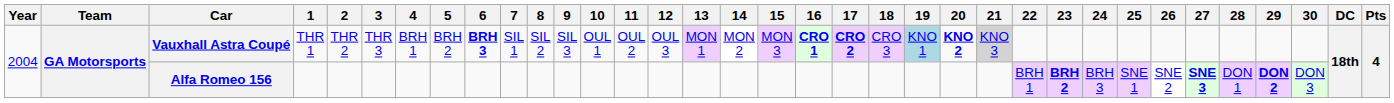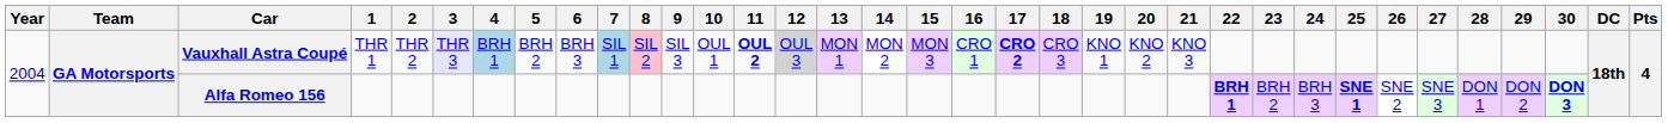 <table class="wikitable" style="text-align:center; font-size:85%">
 <tr>
 <th>Year</th>
 <th>Team</th>
 <th>Car</th>
 <th>1</th>
 <th>2</th>
 <th>3</th>
 <th>4</th>
 <th>5</th>
 <th>6</th>
 <th>7</th>
 <th>8</th>
 <th>9</th>
 <th>10</th>
 <th>11</th>
 <th>12</th>
 <th>13</th>
 <th>14</th>
 <th>15</th>
 <th>16</th>
 <th>17</th>
 <th>18</th>
 <th>19</th>
 <th>20</th>
 <th>21</th>
 <th>22</th>
 <th>23</th>
 <th>24</th>
 <th>25</th>
 <th>26</th>
 <th>27</th>
 <th>28</th>
 <th>29</th>
 <th>30</th>
 <th>DC</th>
 <th>Pts</th>
 </tr>
 <tr>
 <td rowspan=2><a href='#'>2004</a></td>
 <th rowspan=2 nowrap><a href='#'>GA Motorsports</a></th>
 <th nowrap><a href='#'>Vauxhall Astra Coupé</a></th>
 <td><a href='#'>THR<br>1</a></td>
 <td><a href='#'>THR<br>2</a></td>
-<td><a href='#'>THR<br>3</a></td>
-<td><a href='#'>BRH<br>1</a></td>
+<td style="background: lavender;"><a href='#'>THR<br>3</a></td>
+<td style="background: lightblue;"><a href='#'>BRH<br>1</a></td>
 <td><a href='#'>BRH<br>2</a></td>
-<td><strong><a href='#'>BRH<br>3</a></strong></td>
-<td><a href='#'>SIL<br>1</a></td>
-<td><a href='#'>SIL<br>2</a></td>
+<td><a href='#'>BRH<br>3</a></td>
+<td style="background: lightblue;"><a href='#'>SIL<br>1</a></td>
+<td style="background: pink;"><a href='#'>SIL<br>2</a></td>
 <td><a href='#'>SIL<br>3</a></td>
 <td><a href='#'>OUL<br>1</a></td>
-<td><a href='#'>OUL<br>2</a></td>
-<td><a href='#'>OUL<br>3</a></td>
+<td><strong><a href='#'>OUL<br>2</a></strong></td>
+<td style="background: lightgrey;"><a href='#'>OUL<br>3</a></td>
 <td style="background:#EFCFFF;"><a href='#'>MON<br>1</a><br></td>
 <td style="background:#FFFFFF;"><a href='#'>MON<br>2</a><br></td>
 <td style="background:#EFCFFF;"><a href='#'>MON<br>3</a><br></td>
-<td style="background:#DFFFDF;"><strong><a href='#'>CRO<br>1</a><br></strong></td>
+<td style="background:#DFFFDF;"><a href='#'>CRO<br>1</a><br></td>
 <td style="background:#EFCFFF;"><strong><a href='#'>CRO<br>2</a></strong><br></td>
 <td style="background:#EFCFFF;"><a href='#'>CRO<br>3</a><br></td>
-<td style="background: lightblue;"><a href='#'>KNO<br>1</a></td>
-<td><strong><a href='#'>KNO<br>2</a></strong></td>
-<td style="background: lightgrey;"><a href='#'>KNO<br>3</a></td>
+<td><a href='#'>KNO<br>1</a></td>
+<td><a href='#'>KNO<br>2</a></td>
+<td><a href='#'>KNO<br>3</a></td>
 <td></td>
 <td></td>
 <td></td>
 <td></td>
 <td></td>
 <td></td>
 <td></td>
 <td></td>
 <td></td>
 <th rowspan=2>18th</th>
 <th rowspan=2>4</th>
 </tr>
 <tr>
 <th nowrap><a href='#'>Alfa Romeo 156</a></th>
 <td></td>
 <td></td>
 <td></td>
 <td></td>
 <td></td>
 <td></td>
 <td></td>
 <td></td>
 <td></td>
 <td></td>
 <td></td>
 <td></td>
 <td></td>
 <td></td>
 <td></td>
 <td></td>
 <td></td>
 <td></td>
 <td></td>
 <td></td>
 <td></td>
-<td style="background:#EFCFFF;"><a href='#'>BRH<br>1</a><br></td>
-<td style="background:#EFCFFF;"><strong><a href='#'>BRH<br>2</a><br></strong></td>
+<td style="background:#EFCFFF;"><strong><a href='#'>BRH<br>1</a><br></strong></td>
+<td style="background:#EFCFFF;"><a href='#'>BRH<br>2</a><br></td>
 <td style="background:#EFCFFF;"><a href='#'>BRH<br>3</a><br></td>
-<td style="background:#EFCFFF;"><a href='#'>SNE<br>1</a><br></td>
+<td style="background:#EFCFFF;"><strong><a href='#'>SNE<br>1</a><br></strong></td>
 <td style="background:#FFFFFF;"><a href='#'>SNE<br>2</a><br></td>
-<td style="background:#DFFFDF;"><strong><a href='#'>SNE<br>3</a><br></strong></td>
+<td style="background:#DFFFDF;"><a href='#'>SNE<br>3</a><br></td>
 <td style="background:#EFCFFF;"><a href='#'>DON<br>1</a><br></td>
-<td style="background:#EFCFFF;"><strong><a href='#'>DON<br>2</a><br></strong></td>
-<td style="background:#DFFFDF;"><a href='#'>DON<br>3</a><br></td>
+<td style="background:#EFCFFF;"><a href='#'>DON<br>2</a><br></td>
+<td style="background:#DFFFDF;"><strong><a href='#'>DON<br>3</a><br></strong></td>
 </tr>
 </table>
